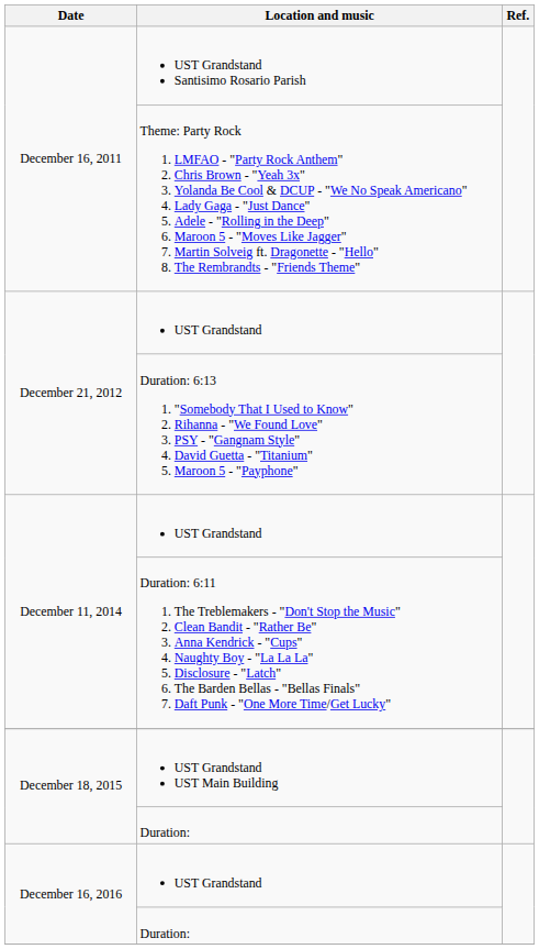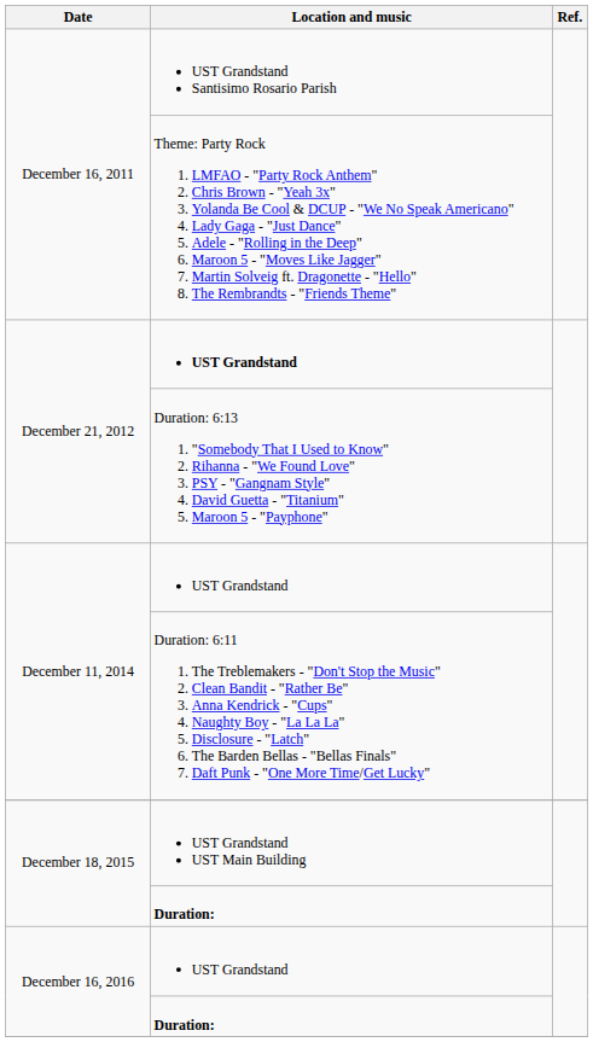 <table class="wikitable" width="70%" style="font-size: 95%">
 <tr>
 <th width='25%'>Date</th>
 <th !width='70%'>Location and music</th>
 <th !width='5%'>Ref.</th>
 </tr>
 <tr>
 <td rowspan=2 style="text-align:center;">December 16, 2011</td>
 <td><br><ul><li>UST Grandstand</li><li>Santisimo Rosario Parish</li></ul></td>
 <td rowspan=2 align="center"></td>
 </tr>
 <tr>
 <td><br>Theme: Party Rock<ol><li><a href='#'>LMFAO</a> - "<a href='#'>Party Rock Anthem</a>"</li><li><a href='#'>Chris Brown</a> - "<a href='#'>Yeah 3x</a>"</li><li><a href='#'>Yolanda Be Cool</a> & <a href='#'>DCUP</a> - "<a href='#'>We No Speak Americano</a>"</li><li><a href='#'>Lady Gaga</a> - "<a href='#'>Just Dance</a>"</li><li><a href='#'>Adele</a> - "<a href='#'>Rolling in the Deep</a>"</li><li><a href='#'>Maroon 5</a> - "<a href='#'>Moves Like Jagger</a>"</li><li><a href='#'>Martin Solveig</a> ft. <a href='#'>Dragonette</a> - "<a href='#'>Hello</a>"</li><li><a href='#'>The Rembrandts</a> - "<a href='#'>Friends Theme</a>"</li></ol></td>
 </tr>
 <tr>
 <td rowspan=2 style="text-align:center;">December 21, 2012</td>
-<td><br><ul><li>UST Grandstand</li></ul></td>
+<td><strong><br><ul><li>UST Grandstand</li></ul></strong></td>
 <td rowspan=2 align="center"></td>
 </tr>
 <tr>
 <td><br>Duration: 6:13<ol><li>"<a href='#'>Somebody That I Used to Know</a>"</li><li><a href='#'>Rihanna</a> - "<a href='#'>We Found Love</a>"</li><li><a href='#'>PSY</a> - "<a href='#'>Gangnam Style</a>"</li><li><a href='#'>David Guetta</a> - "<a href='#'>Titanium</a>"</li><li><a href='#'>Maroon 5</a> - "<a href='#'>Payphone</a>"</li></ol></td>
 </tr>
 <tr>
 <td rowspan=2 style="text-align:center;">December 11, 2014</td>
 <td><br><ul><li>UST Grandstand</li></ul></td>
 <td rowspan=2 align="center"></td>
 </tr>
 <tr>
 <td><br>Duration: 6:11<ol><li>The Treblemakers - "<a href='#'>Don't Stop the Music</a>"</li><li><a href='#'>Clean Bandit</a> - "<a href='#'>Rather Be</a>"</li><li><a href='#'>Anna Kendrick</a> - "<a href='#'>Cups</a>"</li><li><a href='#'>Naughty Boy</a> - "<a href='#'>La La La</a>"</li><li><a href='#'>Disclosure</a> - "<a href='#'>Latch</a>"</li><li>The Barden Bellas - "Bellas Finals"</li><li><a href='#'>Daft Punk</a> - "<a href='#'>One More Time</a>/<a href='#'>Get Lucky</a>"</li></ol></td>
 </tr>
 <tr>
 </tr>
 <tr>
 <td rowspan=2 style="text-align:center;">December 18, 2015</td>
 <td><br><ul><li>UST Grandstand</li><li>UST Main Building</li></ul></td>
 <td rowspan=2 align="center"></td>
 </tr>
 <tr>
-<td><br>Duration:</td>
+<td><strong><br>Duration:</strong></td>
 </tr>
 <tr>
 <td rowspan=2 style="text-align:center;">December 16, 2016</td>
 <td><br><ul><li>UST Grandstand</li></ul></td>
 <td rowspan=2 align="center"></td>
 </tr>
 <tr>
-<td><br>Duration:</td>
+<td><strong><br>Duration:</strong></td>
 </tr>
 <tr>
 </tr>
 </table>
